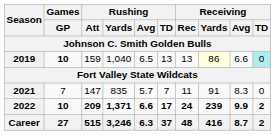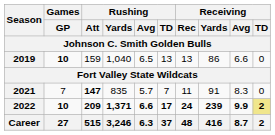 <table class="wikitable" style="text-align:center;">
 <tr>
 <th rowspan="2">Season</th>
 <th colspan="1">Games</th>
 <th colspan="4">Rushing</th>
 <th colspan="4">Receiving</th>
 </tr>
 <tr>
 <th>GP</th>
 <th>Att</th>
 <th>Yards</th>
 <th>Avg</th>
 <th>TD</th>
 <th>Rec</th>
 <th>Yards</th>
 <th>Avg</th>
 <th>TD</th>
 </tr>
 <tr>
 <th colspan="11">Johnson C. Smith Golden Bulls</th>
 </tr>
 <tr>
 <th>2019</th>
 <td><strong>10</strong></td>
 <td>159</td>
 <td>1,040</td>
 <td>6.5</td>
 <td>13</td>
 <td>13</td>
-<td style="background: lightyellow;">86</td>
+<td>86</td>
 <td>6.6</td>
-<td style="background: paleturquoise;">0</td>
+<td>0</td>
 </tr>
 <tr>
 <th colspan="11">Fort Valley State Wildcats</th>
 </tr>
 <tr>
 <th>2021</th>
 <td>7</td>
-<td>147</td>
+<td><strong>147</strong></td>
 <td>835</td>
 <td>5.7</td>
 <td>7</td>
 <td>11</td>
 <td>91</td>
 <td>8.3</td>
 <td>0</td>
 </tr>
 <tr>
 <th>2022</th>
 <td><strong>10</strong></td>
 <td><strong>209</strong></td>
 <td><strong>1,371</strong></td>
 <td><strong>6.6</strong></td>
 <td><strong>17</strong></td>
 <td><strong>24</strong></td>
 <td><strong>239</strong></td>
 <td><strong>9.9</strong></td>
-<td><strong>2</strong></td>
+<td style="background: khaki;"><strong>2</strong></td>
 </tr>
 <tr>
 <th>Career</th>
 <th>27</th>
 <th>515</th>
 <th>3,246</th>
 <th>6.3</th>
 <th>37</th>
 <th>48</th>
 <th>416</th>
 <th>8.7</th>
 <th>2</th>
 </tr>
 </table>
